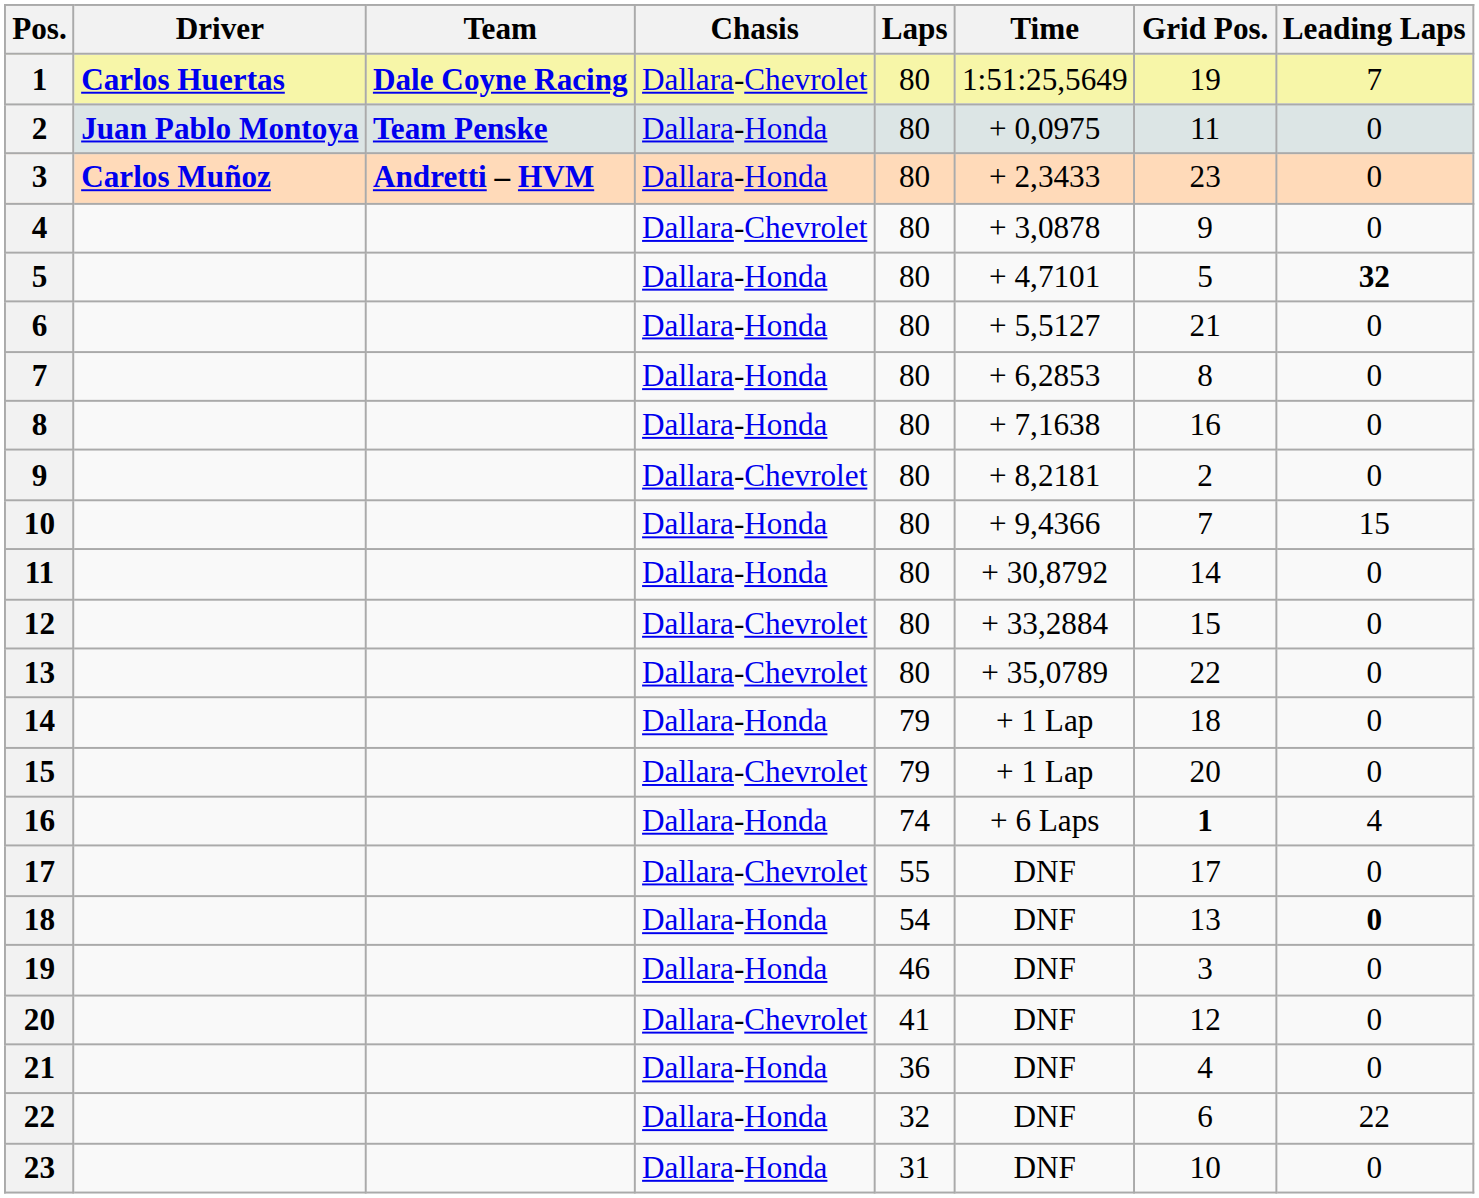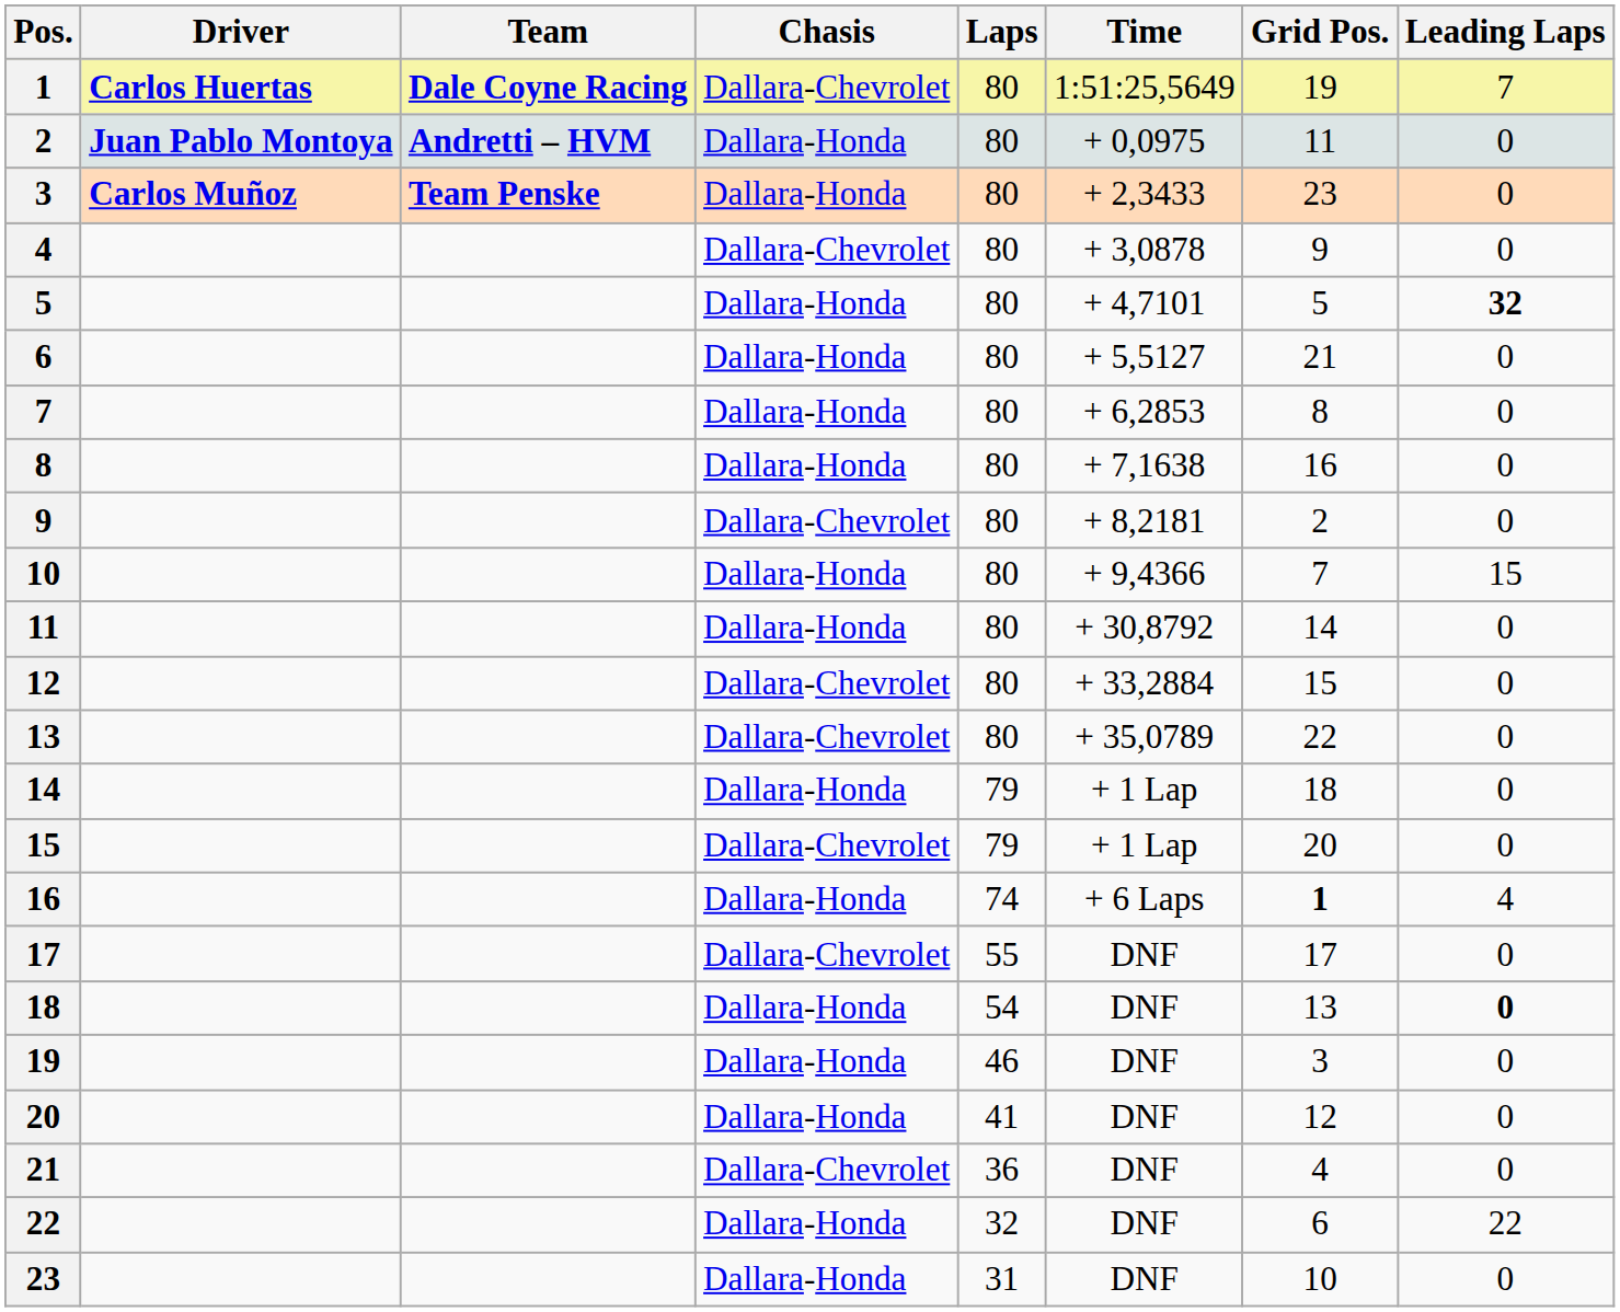 <table class="wikitable sortable">
 <tr class="hintergrundfarbe5">
 <th>Pos.</th>
 <th class="unsortable">Driver</th>
 <th class="unsortable">Team</th>
 <th class="unsortable"><abbr>Chasis</abbr></th>
 <th>Laps</th>
 <th class="unsortable">Time</th>
 <th>Grid Pos.</th>
 <th>Leading Laps</th>
 </tr>
 <tr align="center" valign="top" bgcolor="#F7F6A8">
 <th>1</th>
 <td align="left"><strong> <a href='#'>Carlos Huertas</a></strong></td>
 <td align="left"><strong> <a href='#'>Dale Coyne Racing</a></strong></td>
 <td align="left"><a href='#'>Dallara</a>-<a href='#'>Chevrolet</a></td>
 <td>80</td>
 <td>1:51:25,5649</td>
 <td>19</td>
 <td>7</td>
 </tr>
 <tr align="center" valign="top" bgcolor="#DCE5E5">
 <th>2</th>
 <td align="left"><strong> <a href='#'>Juan Pablo Montoya</a></strong></td>
-<td align="left"><strong> <a href='#'>Team Penske</a></strong></td>
+<td align="left"><strong> <a href='#'>Andretti</a> – <a href='#'>HVM</a></strong></td>
 <td align="left"><a href='#'>Dallara</a>-<a href='#'>Honda</a></td>
 <td>80</td>
 <td>+ 0,0975</td>
 <td>11</td>
 <td>0</td>
 </tr>
 <tr align="center" valign="top" bgcolor="#FFDAB9">
 <th>3</th>
 <td align="left"><strong> <a href='#'>Carlos Muñoz</a></strong></td>
-<td align="left"><strong> <a href='#'>Andretti</a> – <a href='#'>HVM</a></strong></td>
+<td align="left"><strong> <a href='#'>Team Penske</a></strong></td>
 <td align="left"><a href='#'>Dallara</a>-<a href='#'>Honda</a></td>
 <td>80</td>
 <td>+ 2,3433</td>
 <td>23</td>
 <td>0</td>
 </tr>
 <tr align="center" valign="top">
 <th>4</th>
 <td align="left"></td>
 <td align="left"></td>
 <td align="left"><a href='#'>Dallara</a>-<a href='#'>Chevrolet</a></td>
 <td>80</td>
 <td>+ 3,0878</td>
 <td>9</td>
 <td>0</td>
 </tr>
 <tr align="center" valign="top">
 <th>5</th>
 <td align="left"></td>
 <td align="left"></td>
 <td align="left"><a href='#'>Dallara</a>-<a href='#'>Honda</a></td>
 <td>80</td>
 <td>+ 4,7101</td>
 <td>5</td>
 <td><strong>32</strong></td>
 </tr>
 <tr align="center" valign="top">
 <th>6</th>
 <td align="left"></td>
 <td align="left"></td>
 <td align="left"><a href='#'>Dallara</a>-<a href='#'>Honda</a></td>
 <td>80</td>
 <td>+ 5,5127</td>
 <td>21</td>
 <td>0</td>
 </tr>
 <tr align="center" valign="top">
 <th>7</th>
 <td align="left"></td>
 <td align="left"></td>
 <td align="left"><a href='#'>Dallara</a>-<a href='#'>Honda</a></td>
 <td>80</td>
 <td>+ 6,2853</td>
 <td>8</td>
 <td>0</td>
 </tr>
 <tr align="center" valign="top">
 <th>8</th>
 <td align="left"></td>
 <td align="left"></td>
 <td align="left"><a href='#'>Dallara</a>-<a href='#'>Honda</a></td>
 <td>80</td>
 <td>+ 7,1638</td>
 <td>16</td>
 <td>0</td>
 </tr>
 <tr align="center" valign="top">
 <th>9</th>
 <td align="left"></td>
 <td align="left"></td>
 <td align="left"><a href='#'>Dallara</a>-<a href='#'>Chevrolet</a></td>
 <td>80</td>
 <td>+ 8,2181</td>
 <td>2</td>
 <td>0</td>
 </tr>
 <tr align="center" valign="top">
 <th>10</th>
 <td align="left"></td>
 <td align="left"></td>
 <td align="left"><a href='#'>Dallara</a>-<a href='#'>Honda</a></td>
 <td>80</td>
 <td>+ 9,4366</td>
 <td>7</td>
 <td>15</td>
 </tr>
 <tr align="center" valign="top">
 <th>11</th>
 <td align="left"></td>
 <td align="left"></td>
 <td align="left"><a href='#'>Dallara</a>-<a href='#'>Honda</a></td>
 <td>80</td>
 <td>+ 30,8792</td>
 <td>14</td>
 <td>0</td>
 </tr>
 <tr align="center" valign="top">
 <th>12</th>
 <td align="left"></td>
 <td align="left"></td>
 <td align="left"><a href='#'>Dallara</a>-<a href='#'>Chevrolet</a></td>
 <td>80</td>
 <td>+ 33,2884</td>
 <td>15</td>
 <td>0</td>
 </tr>
 <tr align="center" valign="top">
 <th>13</th>
 <td align="left"></td>
 <td align="left"></td>
 <td align="left"><a href='#'>Dallara</a>-<a href='#'>Chevrolet</a></td>
 <td>80</td>
 <td>+ 35,0789</td>
 <td>22</td>
 <td>0</td>
 </tr>
 <tr align="center" valign="top">
 <th>14</th>
 <td align="left"></td>
 <td align="left"></td>
 <td align="left"><a href='#'>Dallara</a>-<a href='#'>Honda</a></td>
 <td>79</td>
 <td>+ 1 Lap</td>
 <td>18</td>
 <td>0</td>
 </tr>
 <tr align="center" valign="top">
 <th>15</th>
 <td align="left"></td>
 <td align="left"></td>
 <td align="left"><a href='#'>Dallara</a>-<a href='#'>Chevrolet</a></td>
 <td>79</td>
 <td>+ 1 Lap</td>
 <td>20</td>
 <td>0</td>
 </tr>
 <tr align="center" valign="top">
 <th>16</th>
 <td align="left"></td>
 <td align="left"></td>
 <td align="left"><a href='#'>Dallara</a>-<a href='#'>Honda</a></td>
 <td>74</td>
 <td>+ 6 Laps</td>
 <td><strong>1</strong></td>
 <td>4</td>
 </tr>
 <tr align="center" valign="top">
 <th>17</th>
 <td align="left"></td>
 <td align="left"></td>
 <td align="left"><a href='#'>Dallara</a>-<a href='#'>Chevrolet</a></td>
 <td>55</td>
 <td>DNF</td>
 <td>17</td>
 <td>0</td>
 </tr>
 <tr align="center" valign="top">
 <th>18</th>
 <td align="left"></td>
 <td align="left"></td>
 <td align="left"><a href='#'>Dallara</a>-<a href='#'>Honda</a></td>
 <td>54</td>
 <td>DNF</td>
 <td>13</td>
 <td><strong>0</strong></td>
 </tr>
 <tr align="center" valign="top">
 <th>19</th>
 <td align="left"></td>
 <td align="left"></td>
 <td align="left"><a href='#'>Dallara</a>-<a href='#'>Honda</a></td>
 <td>46</td>
 <td>DNF</td>
 <td>3</td>
 <td>0</td>
 </tr>
 <tr align="center" valign="top">
 <th>20</th>
 <td align="left"></td>
 <td align="left"></td>
-<td align="left"><a href='#'>Dallara</a>-<a href='#'>Chevrolet</a></td>
+<td align="left"><a href='#'>Dallara</a>-<a href='#'>Honda</a></td>
 <td>41</td>
 <td>DNF</td>
 <td>12</td>
 <td>0</td>
 </tr>
 <tr align="center" valign="top">
 <th>21</th>
 <td align="left"></td>
 <td align="left"></td>
-<td align="left"><a href='#'>Dallara</a>-<a href='#'>Honda</a></td>
+<td align="left"><a href='#'>Dallara</a>-<a href='#'>Chevrolet</a></td>
 <td>36</td>
 <td>DNF</td>
 <td>4</td>
 <td>0</td>
 </tr>
 <tr align="center" valign="top">
 <th>22</th>
 <td align="left"></td>
 <td align="left"></td>
 <td align="left"><a href='#'>Dallara</a>-<a href='#'>Honda</a></td>
 <td>32</td>
 <td>DNF</td>
 <td>6</td>
 <td>22</td>
 </tr>
 <tr align="center" valign="top">
 <th>23</th>
 <td align="left"></td>
 <td align="left"></td>
 <td align="left"><a href='#'>Dallara</a>-<a href='#'>Honda</a></td>
 <td>31</td>
 <td>DNF</td>
 <td>10</td>
 <td>0</td>
 </tr>
 </table>
